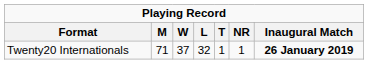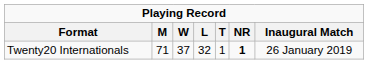 <table class="wikitable" style="text-align: center; width: 500px;">
 <tr>
 <td colspan=7 align="center"><strong>Playing Record</strong></td>
 </tr>
 <tr>
 <th>Format</th>
 <th>M</th>
 <th>W</th>
 <th>L</th>
 <th>T</th>
 <th>NR</th>
 <th>Inaugural Match</th>
 </tr>
 <tr>
 <td align="left">Twenty20 Internationals</td>
 <td>71</td>
 <td>37</td>
 <td>32</td>
 <td>1</td>
-<td>1</td>
-<td><strong>26 January 2019</strong></td>
+<td><strong>1</strong></td>
+<td>26 January 2019</td>
 </tr>
 </table>
